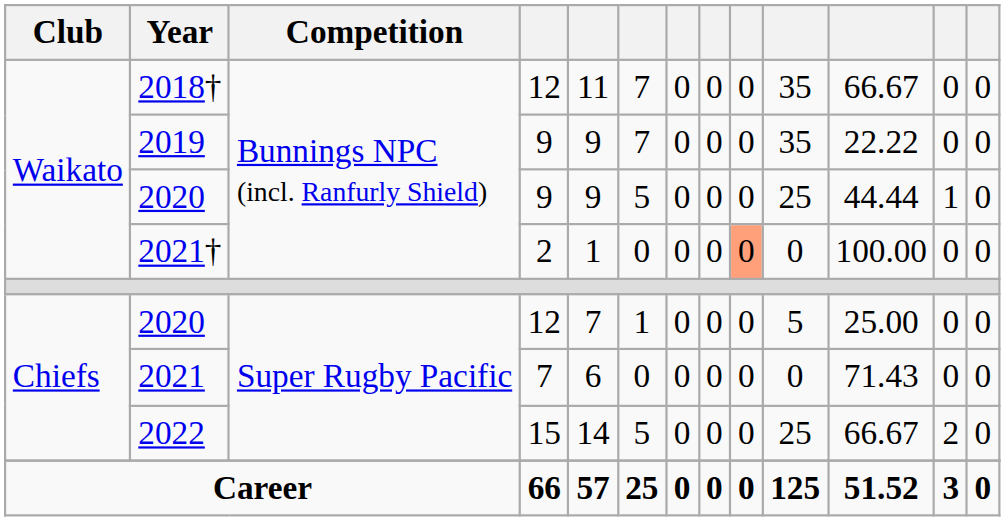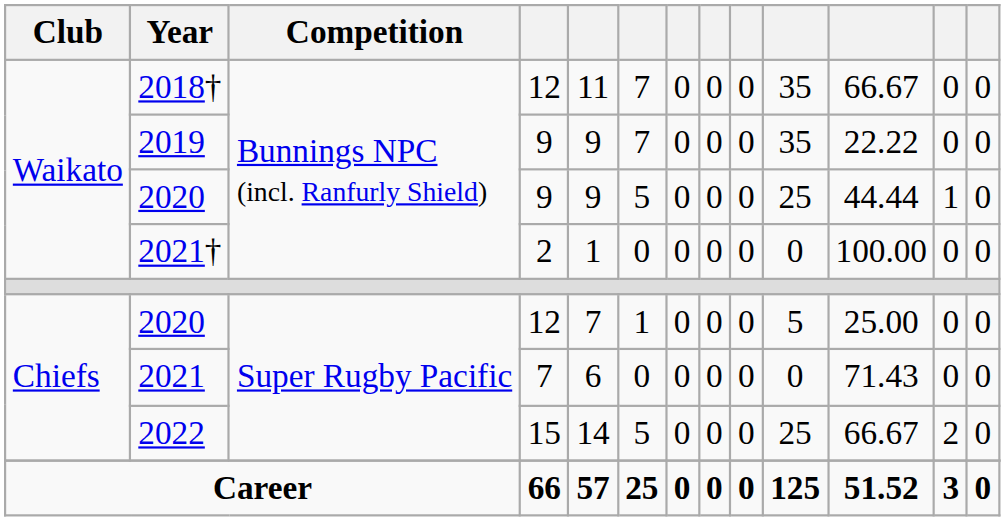 <table class="wikitable sortable" style="text-align:center; font-size:95%">
 <tr>
 <th>Club</th>
 <th>Year</th>
 <th>Competition</th>
 <th></th>
 <th></th>
 <th></th>
 <th></th>
 <th></th>
 <th></th>
 <th></th>
 <th></th>
 <th></th>
 <th></th>
 </tr>
 <tr>
 <td rowspan=4 style="text-align:left;"><a href='#'>Waikato</a></td>
 <td style="text-align:left;"><a href='#'>2018</a>†</td>
 <td rowspan=4 style="text-align:left;"><a href='#'>Bunnings NPC</a><br><small>(incl. <a href='#'>Ranfurly Shield</a>)</small></td>
 <td>12</td>
 <td>11</td>
 <td>7</td>
 <td>0</td>
 <td>0</td>
 <td>0</td>
 <td>35</td>
 <td>66.67</td>
 <td>0</td>
 <td>0</td>
 </tr>
 <tr>
 <td style="text-align:left;"><a href='#'>2019</a></td>
 <td>9</td>
 <td>9</td>
 <td>7</td>
 <td>0</td>
 <td>0</td>
 <td>0</td>
 <td>35</td>
 <td>22.22</td>
 <td>0</td>
 <td>0</td>
 </tr>
 <tr>
 <td style="text-align:left;"><a href='#'>2020</a></td>
 <td>9</td>
 <td>9</td>
 <td>5</td>
 <td>0</td>
 <td>0</td>
 <td>0</td>
 <td>25</td>
 <td>44.44</td>
 <td>1</td>
 <td>0</td>
 </tr>
 <tr>
 <td style="text-align:left;"><a href='#'>2021</a>†</td>
 <td>2</td>
 <td>1</td>
 <td>0</td>
 <td>0</td>
 <td>0</td>
-<td style="background: lightsalmon;">0</td>
+<td>0</td>
 <td>0</td>
 <td>100.00</td>
 <td>0</td>
 <td>0</td>
 </tr>
 <tr>
 <td colspan=13 style="background-color: #DDDDDD"></td>
 </tr>
 <tr>
 <td rowspan=3 style="text-align:left;"><a href='#'>Chiefs</a></td>
 <td style="text-align:left;"><a href='#'>2020</a></td>
 <td rowspan=3 style="text-align:left;"><a href='#'>Super Rugby Pacific</a></td>
 <td>12</td>
 <td>7</td>
 <td>1</td>
 <td>0</td>
 <td>0</td>
 <td>0</td>
 <td>5</td>
 <td>25.00</td>
 <td>0</td>
 <td>0</td>
 </tr>
 <tr>
 <td style="text-align:left;"><a href='#'>2021</a></td>
 <td>7</td>
 <td>6</td>
 <td>0</td>
 <td>0</td>
 <td>0</td>
 <td>0</td>
 <td>0</td>
 <td>71.43</td>
 <td>0</td>
 <td>0</td>
 </tr>
 <tr>
 <td style="text-align:left;"><a href='#'>2022</a></td>
 <td>15</td>
 <td>14</td>
 <td>5</td>
 <td>0</td>
 <td>0</td>
 <td>0</td>
 <td>25</td>
 <td>66.67</td>
 <td>2</td>
 <td>0</td>
 </tr>
 <tr>
 </tr>
 <tr class="sortbottom" valign="top">
 <td colspan=3 style="text-align: center"><strong>Career</strong></td>
 <td><strong>66</strong></td>
 <td><strong>57</strong></td>
 <td><strong>25</strong></td>
 <td><strong>0</strong></td>
 <td><strong>0</strong></td>
 <td><strong>0</strong></td>
 <td><strong>125</strong></td>
 <td><strong>51.52</strong></td>
 <td><strong>3</strong></td>
 <td><strong>0</strong></td>
 </tr>
 </table>
